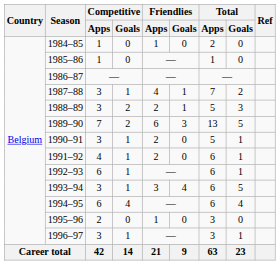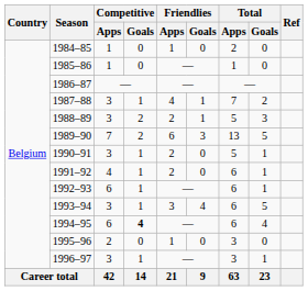 <table class="wikitable" style="text-align: center;">
 <tr>
 <th rowspan="2">Country</th>
 <th rowspan="2">Season</th>
 <th colspan="2">Competitive</th>
 <th colspan="2">Friendlies</th>
 <th colspan="2">Total</th>
 <th rowspan="2" colspan="2">Ref</th>
 </tr>
 <tr>
 <th>Apps</th>
 <th>Goals</th>
 <th>Apps</th>
 <th>Goals</th>
 <th>Apps</th>
 <th>Goals</th>
 </tr>
 <tr>
 <td rowspan="13"><a href='#'>Belgium</a></td>
 <td>1984–85</td>
 <td>1</td>
 <td>0</td>
 <td>1</td>
 <td>0</td>
 <td>2</td>
 <td>0</td>
 <td></td>
 </tr>
 <tr>
 <td>1985–86</td>
 <td>1</td>
 <td>0</td>
 <td colspan="2">—</td>
 <td>1</td>
 <td>0</td>
 <td></td>
 </tr>
 <tr>
 <td>1986–87</td>
 <td colspan="2">—</td>
 <td colspan="2">—</td>
 <td colspan="2">—</td>
 <td></td>
 </tr>
 <tr>
 <td>1987–88</td>
 <td>3</td>
 <td>1</td>
 <td>4</td>
 <td>1</td>
 <td>7</td>
 <td>2</td>
 <td></td>
 </tr>
 <tr>
 <td>1988–89</td>
 <td>3</td>
 <td>2</td>
 <td>2</td>
 <td>1</td>
 <td>5</td>
 <td>3</td>
 <td></td>
 </tr>
 <tr>
 <td>1989–90</td>
 <td>7</td>
 <td>2</td>
 <td>6</td>
 <td>3</td>
 <td>13</td>
 <td>5</td>
 <td></td>
 </tr>
 <tr>
 <td>1990–91</td>
 <td>3</td>
 <td>1</td>
 <td>2</td>
 <td>0</td>
 <td>5</td>
 <td>1</td>
 <td></td>
 </tr>
 <tr>
 <td>1991–92</td>
 <td>4</td>
 <td>1</td>
 <td>2</td>
 <td>0</td>
 <td>6</td>
 <td>1</td>
 <td></td>
 </tr>
 <tr>
 <td>1992–93</td>
 <td>6</td>
 <td>1</td>
 <td colspan="2">—</td>
 <td>6</td>
 <td>1</td>
 <td></td>
 </tr>
 <tr>
 <td>1993–94</td>
 <td>3</td>
 <td>1</td>
 <td>3</td>
 <td>4</td>
 <td>6</td>
 <td>5</td>
 <td></td>
 </tr>
 <tr>
 <td>1994–95</td>
 <td>6</td>
-<td>4</td>
+<td><strong>4</strong></td>
 <td colspan="2">—</td>
 <td>6</td>
 <td>4</td>
 <td></td>
 </tr>
 <tr>
 <td>1995–96</td>
 <td>2</td>
 <td>0</td>
 <td>1</td>
 <td>0</td>
 <td>3</td>
 <td>0</td>
 <td></td>
 </tr>
 <tr>
 <td>1996–97</td>
 <td>3</td>
 <td>1</td>
 <td colspan="2">—</td>
 <td>3</td>
 <td>1</td>
 <td></td>
 </tr>
 <tr>
 <th colspan="2">Career total</th>
 <th>42</th>
 <th>14</th>
 <th>21</th>
 <th>9</th>
 <th>63</th>
 <th>23</th>
 <th></th>
 </tr>
 </table>
